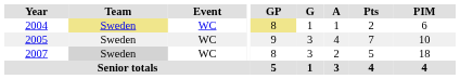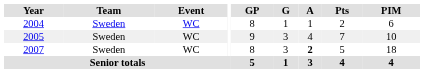 <table border="0" cellpadding="1" cellspacing="0" ID="Table3" style="text-align:center; width:40em">
 <tr bgcolor="#e0e0e0">
 <th>Year</th>
 <th>Team</th>
 <th>Event</th>
 <th rowspan="102" bgcolor="#ffffff"></th>
 <th>GP</th>
 <th>G</th>
 <th>A</th>
 <th>Pts</th>
 <th>PIM</th>
 </tr>
 <tr>
 <td><a href='#'>2004</a></td>
-<td style="background: khaki;"><a href='#'>Sweden</a></td>
+<td><a href='#'>Sweden</a></td>
 <td><a href='#'>WC</a></td>
-<td style="background: khaki;">8</td>
+<td>8</td>
 <td>1</td>
 <td>1</td>
 <td>2</td>
 <td>6</td>
 </tr>
 <tr bgcolor="#f0f0f0">
 <td><a href='#'>2005</a></td>
 <td>Sweden</td>
 <td>WC</td>
 <td>9</td>
 <td>3</td>
 <td>4</td>
 <td>7</td>
 <td>10</td>
 </tr>
 <tr>
 <td><a href='#'>2007</a></td>
-<td style="background: lightgrey;">Sweden</td>
+<td>Sweden</td>
 <td>WC</td>
 <td>8</td>
 <td>3</td>
-<td>2</td>
+<td><strong>2</strong></td>
 <td>5</td>
 <td>18</td>
 </tr>
 <tr bgcolor="#e0e0e0">
 <th colspan="4">Senior totals</th>
 <th>5</th>
 <th>1</th>
 <th>3</th>
 <th>4</th>
 <th>4</th>
 </tr>
 </table>
